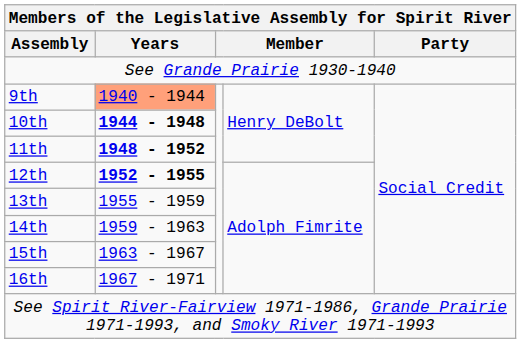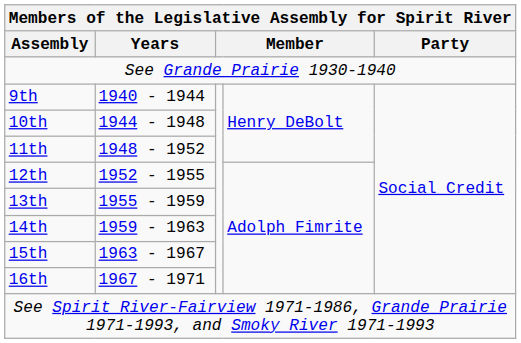 <table class="wikitable collapsible" align=right>
 <tr>
 <th colspan=6>Members of the Legislative Assembly for Spirit River</th>
 </tr>
 <tr>
 <th>Assembly</th>
 <th>Years</th>
 <th colspan="2">Member</th>
 <th>Party</th>
 </tr>
 <tr>
 <td colspan=5 align=center><em>See <a href='#'>Grande Prairie</a> 1930-1940</em></td>
 </tr>
 <tr>
 <td><a href='#'>9th</a></td>
-<td style="background: lightsalmon;"><a href='#'>1940</a> - 1944</td>
+<td><a href='#'>1940</a> - 1944</td>
 <td rowspan=8 ></td>
 <td rowspan=3><a href='#'>Henry DeBolt</a></td>
 <td rowspan=8><a href='#'>Social Credit</a></td>
 </tr>
 <tr>
 <td><a href='#'>10th</a></td>
-<td><strong><a href='#'>1944</a> - 1948</strong></td>
+<td><a href='#'>1944</a> - 1948</td>
 </tr>
 <tr>
 <td><a href='#'>11th</a></td>
-<td><strong><a href='#'>1948</a> - 1952</strong></td>
+<td><a href='#'>1948</a> - 1952</td>
 </tr>
 <tr>
 <td><a href='#'>12th</a></td>
-<td><strong><a href='#'>1952</a> - 1955</strong></td>
+<td><a href='#'>1952</a> - 1955</td>
 <td rowspan=5><a href='#'>Adolph Fimrite</a></td>
 </tr>
 <tr>
 <td><a href='#'>13th</a></td>
 <td><a href='#'>1955</a> - 1959</td>
 </tr>
 <tr>
 <td><a href='#'>14th</a></td>
 <td><a href='#'>1959</a> - 1963</td>
 </tr>
 <tr>
 <td><a href='#'>15th</a></td>
 <td><a href='#'>1963</a> - 1967</td>
 </tr>
 <tr>
 <td><a href='#'>16th</a></td>
 <td><a href='#'>1967</a> - 1971</td>
 </tr>
 <tr>
 <td colspan=5 align=center><em>See <a href='#'>Spirit River-Fairview</a> 1971-1986, <a href='#'>Grande Prairie</a><br> 1971-1993, and <a href='#'>Smoky River</a> 1971-1993</em></td>
 </tr>
 </table>
